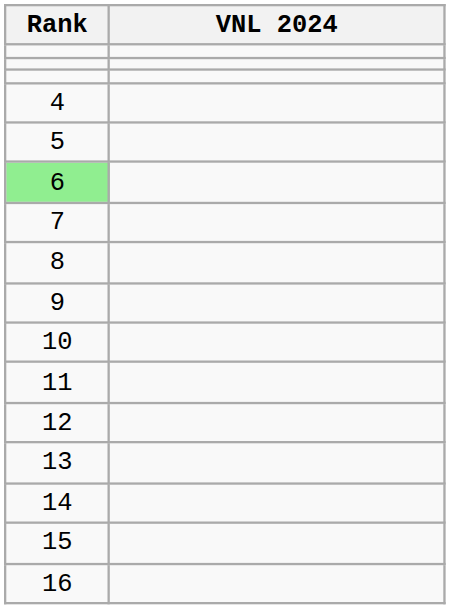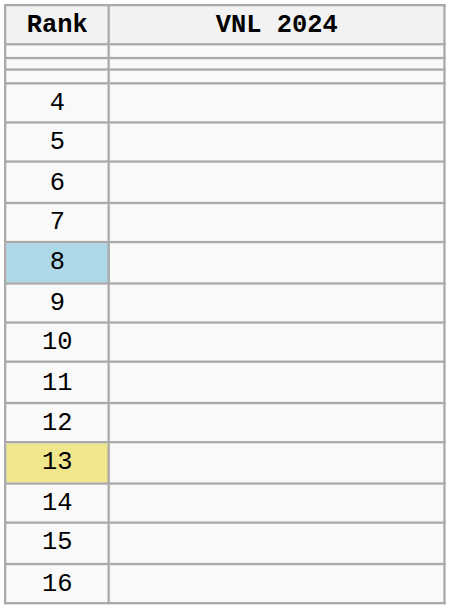 <table class="wikitable sortable" style="font-size:85%; text-align:center;">
 <tr>
 <th width=40>Rank</th>
 <th width=140>VNL 2024</th>
 </tr>
 <tr>
 <td></td>
 <td style="text-align:left"></td>
 </tr>
 <tr>
 <td></td>
 <td style="text-align:left"></td>
 </tr>
 <tr>
 <td></td>
 <td style="text-align:left"></td>
 </tr>
 <tr>
 <td>4</td>
 <td style="text-align:left"></td>
 </tr>
 <tr>
 <td>5</td>
 <td style="text-align:left"></td>
 </tr>
 <tr>
-<td style="background: lightgreen;">6</td>
+<td>6</td>
 <td style="text-align:left"></td>
 </tr>
 <tr>
 <td>7</td>
 <td style="text-align:left"></td>
 </tr>
 <tr>
-<td>8</td>
+<td style="background: lightblue;">8</td>
 <td style="text-align:left"></td>
 </tr>
 <tr>
 <td>9</td>
 <td style="text-align:left"></td>
 </tr>
 <tr>
 <td>10</td>
 <td style="text-align:left"></td>
 </tr>
 <tr>
 <td>11</td>
 <td style="text-align:left"></td>
 </tr>
 <tr>
 <td>12</td>
 <td style="text-align:left"></td>
 </tr>
 <tr>
-<td>13</td>
+<td style="background: khaki;">13</td>
 <td style="text-align:left"></td>
 </tr>
 <tr>
 <td>14</td>
 <td style="text-align:left"></td>
 </tr>
 <tr>
 <td>15</td>
 <td style="text-align:left"></td>
 </tr>
 <tr>
 <td>16</td>
 <td style="text-align:left"></td>
 </tr>
 </table>
